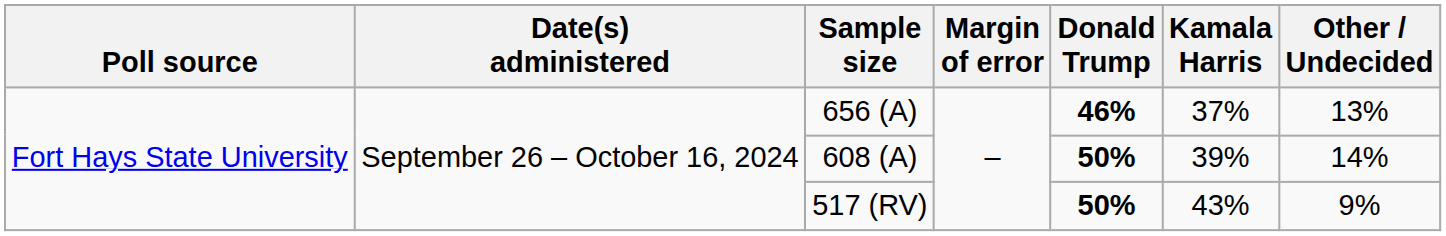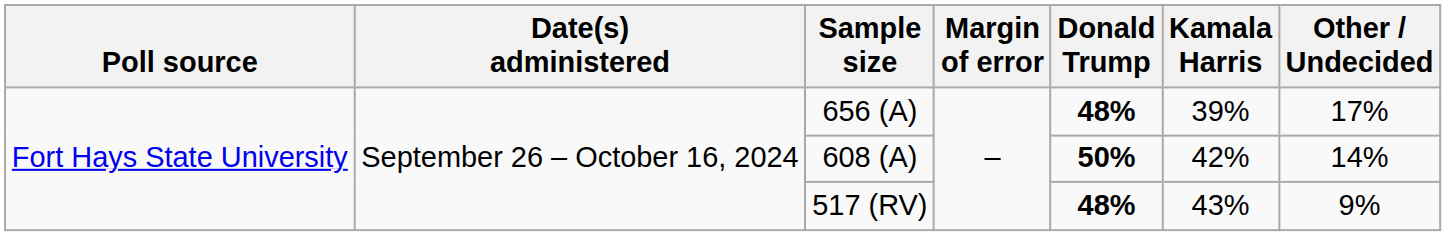 <table class="wikitable sortable mw-datatable" style="font-size:90%;text-align:center;line-height:17px">
 <tr valign="bottom">
 <th>Poll source</th>
 <th>Date(s)<br>administered</th>
 <th>Sample<br>size</th>
 <th>Margin<br>of error</th>
 <th class="unsortable">Donald<br>Trump<br></th>
 <th class="unsortable">Kamala<br>Harris<br></th>
 <th class="unsortable">Other /<br>Undecided</th>
 </tr>
 <tr>
 <td rowspan="3" style="text-align:left;"><a href='#'>Fort Hays State University</a></td>
 <td rowspan="3">September 26 – October 16, 2024</td>
 <td>656 (A)</td>
 <td rowspan="3">–</td>
-<td style="background-color:"><strong>46%</strong></td>
-<td>37%</td>
-<td>13%</td>
+<td style="background-color:"><strong>48%</strong></td>
+<td>39%</td>
+<td>17%</td>
 </tr>
 <tr>
 <td>608 (A)</td>
 <td style="background-color:"><strong>50%</strong></td>
-<td>39%</td>
+<td>42%</td>
 <td>14%</td>
 </tr>
 <tr>
 <td>517 (RV)</td>
-<td style="background-color:"><strong>50%</strong></td>
+<td style="background-color:"><strong>48%</strong></td>
 <td>43%</td>
 <td>9%</td>
 </tr>
 </table>
